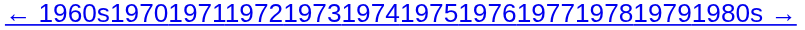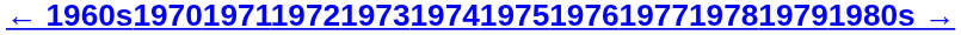 <table id=toc class=toc summary=Contents>
 <tr>
 <th></th>
 </tr>
 <tr>
-<td align=center><a href='#'>← 1960s</a><a href='#'>1970</a><a href='#'>1971</a><a href='#'>1972</a><a href='#'>1973</a><a href='#'>1974</a><a href='#'>1975</a><a href='#'>1976</a><a href='#'>1977</a><a href='#'>1978</a><a href='#'>1979</a><a href='#'>1980s →</a></td>
+<td align=center><strong><a href='#'>← 1960s</a><a href='#'>1970</a><a href='#'>1971</a><a href='#'>1972</a><a href='#'>1973</a><a href='#'>1974</a><a href='#'>1975</a><a href='#'>1976</a><a href='#'>1977</a><a href='#'>1978</a><a href='#'>1979</a><a href='#'>1980s →</a></strong></td>
 </tr>
 </table>
